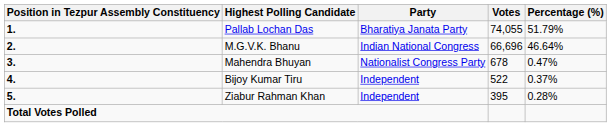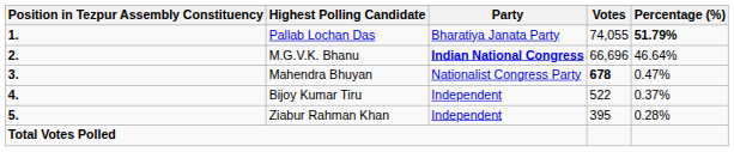 <table class="wikitable sortable">
 <tr>
 <th>Position in Tezpur Assembly Constituency</th>
 <th>Highest Polling Candidate</th>
 <th>Party</th>
 <th>Votes</th>
 <th>Percentage (%)</th>
 </tr>
 <tr>
 <td><strong>1.</strong></td>
 <td><a href='#'>Pallab Lochan Das</a></td>
 <td><a href='#'>Bharatiya Janata Party</a></td>
 <td>74,055</td>
-<td>51.79%</td>
+<td><strong>51.79%</strong></td>
 </tr>
 <tr>
 <td><strong>2.</strong></td>
 <td>M.G.V.K. Bhanu</td>
-<td><a href='#'>Indian National Congress</a></td>
+<td><strong><a href='#'>Indian National Congress</a></strong></td>
 <td>66,696</td>
 <td>46.64%</td>
 </tr>
 <tr>
 <td><strong>3.</strong></td>
 <td>Mahendra  Bhuyan</td>
 <td><a href='#'>Nationalist Congress Party</a></td>
-<td>678</td>
+<td><strong>678</strong></td>
 <td>0.47%</td>
 </tr>
 <tr>
 <td><strong>4.</strong></td>
 <td>Bijoy Kumar Tiru</td>
 <td><a href='#'>Independent</a></td>
 <td>522</td>
 <td>0.37%</td>
 </tr>
 <tr>
 <td><strong>5.</strong></td>
 <td>Ziabur Rahman Khan</td>
 <td><a href='#'>Independent</a></td>
 <td>395</td>
 <td>0.28%</td>
 </tr>
 <tr>
 <td colspan="3"><strong>Total Votes Polled</strong></td>
 <td></td>
 <td></td>
 </tr>
 </table>
